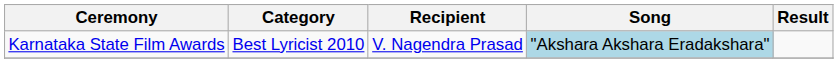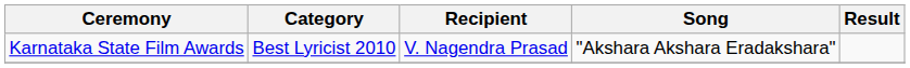 <table class="wikitable">
 <tr>
 <th>Ceremony</th>
 <th>Category</th>
 <th>Recipient</th>
 <th>Song</th>
 <th>Result</th>
 </tr>
 <tr>
 <td><a href='#'>Karnataka State Film Awards</a></td>
 <td><a href='#'>Best Lyricist 2010</a></td>
 <td><a href='#'>V. Nagendra Prasad</a></td>
-<td style="background: lightblue;">"Akshara Akshara Eradakshara"</td>
+<td>"Akshara Akshara Eradakshara"</td>
 <td></td>
 </tr>
 <tr bgcolor=#ccccff>
 </tr>
 <tr>
 </tr>
 </table>
